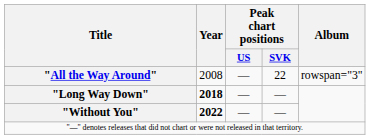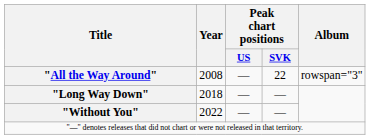 <table class="wikitable plainrowheaders" style="text-align:center;">
 <tr>
 <th scope="col" rowspan="2" style="width:16em;">Title</th>
 <th scope="col" rowspan="2">Year</th>
 <th scope="col" colspan="2">Peak<br>chart<br>positions</th>
 <th scope="col" rowspan="2">Album</th>
 </tr>
 <tr>
 <th scope="col" style="width:3em;font-size:90%;"><a href='#'>US</a><br></th>
 <th scope="col" style="width:3em;font-size:90%;"><a href='#'>SVK</a><br></th>
 </tr>
 <tr>
 <th scope="row">"<a href='#'>All the Way Around</a>"</th>
 <td>2008</td>
 <td>—</td>
 <td>22</td>
 <td>rowspan="3" </td>
 </tr>
 <tr>
 <th scope="row">"Long Way Down"</th>
-<td><strong>2018</strong></td>
+<td>2018</td>
 <td>—</td>
 <td>—</td>
 </tr>
 <tr>
 <th scope="row">"Without You"</th>
-<td><strong>2022</strong></td>
+<td>2022</td>
 <td>—</td>
 <td>—</td>
 </tr>
 <tr>
 <td colspan="12" style="text-align:center; font-size:8pt;">"—" denotes releases that did not chart or were not released in that territory.</td>
 </tr>
 </table>
